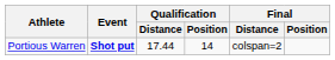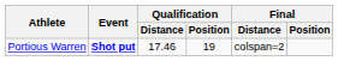 <table class=wikitable style=font-size:90%>
 <tr>
 <th rowspan=2>Athlete</th>
 <th rowspan=2>Event</th>
 <th colspan=2>Qualification</th>
 <th colspan=2>Final</th>
 </tr>
 <tr style=font-size:95%>
 <th>Distance</th>
 <th>Position</th>
 <th>Distance</th>
 <th>Position</th>
 </tr>
 <tr align=center>
 <td align=left><a href='#'>Portious Warren</a></td>
 <td align=left><strong><a href='#'>Shot put</a></strong></td>
-<td>17.44</td>
-<td>14</td>
+<td>17.46</td>
+<td>19</td>
 <td>colspan=2 </td>
 </tr>
 </table>
